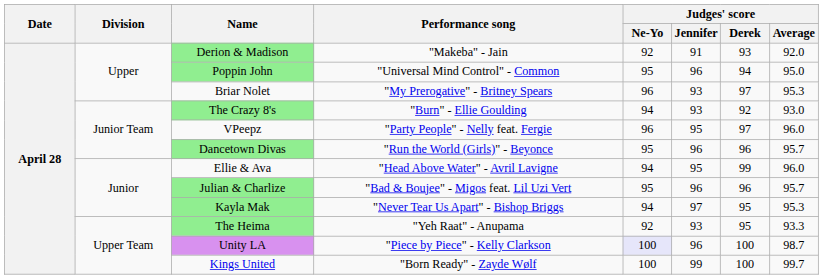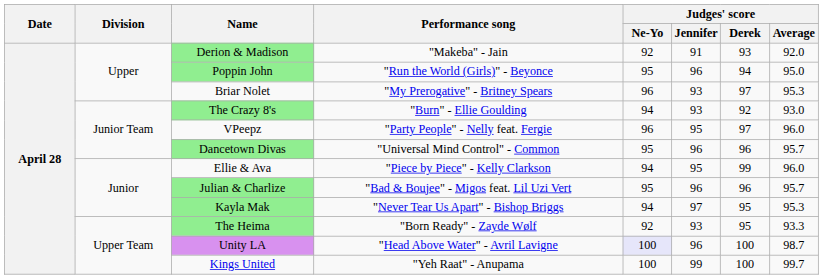 <table class="wikitable sortable" style="text-align:center;">
 <tr>
 <th scope="col" rowspan="2">Date</th>
 <th scope="col" rowspan="2">Division</th>
 <th scope="col" rowspan="2" class="unsortable">Name</th>
 <th scope="col" rowspan="2" class="unsortable">Performance song</th>
 <th colspan="4" scope="col">Judges' score</th>
 </tr>
 <tr>
 <th style="width:06%;">Ne-Yo</th>
 <th style="width:06%;">Jennifer</th>
 <th style="width:06%;">Derek</th>
 <th style="width:06%;">Average</th>
 </tr>
 <tr>
 <th scope="row" rowspan="15">April 28</th>
 <td rowspan="3">Upper</td>
 <td bgcolor=lightgreen>Derion & Madison</td>
 <td>"Makeba" - Jain</td>
 <td>92</td>
 <td>91</td>
 <td>93</td>
 <td>92.0</td>
 </tr>
 <tr>
 <td bgcolor=lightgreen>Poppin John</td>
-<td>"Universal Mind Control" - <a href='#'>Common</a></td>
+<td>"<a href='#'>Run the World (Girls)</a>" - <a href='#'>Beyonce</a></td>
 <td>95</td>
 <td>96</td>
 <td>94</td>
 <td>95.0</td>
 </tr>
 <tr>
 <td>Briar Nolet</td>
 <td>"<a href='#'>My Prerogative</a>" - <a href='#'>Britney Spears</a></td>
 <td>96</td>
 <td>93</td>
 <td>97</td>
 <td>95.3</td>
 </tr>
 <tr>
 <td rowspan="3">Junior Team</td>
 <td bgcolor=lightgreen>The Crazy 8's</td>
 <td>"<a href='#'>Burn</a>" - <a href='#'>Ellie Goulding</a></td>
 <td>94</td>
 <td>93</td>
 <td>92</td>
 <td>93.0</td>
 </tr>
 <tr>
 <td>VPeepz</td>
 <td>"<a href='#'>Party People</a>" - <a href='#'>Nelly</a> feat. <a href='#'>Fergie</a></td>
 <td>96</td>
 <td>95</td>
 <td>97</td>
 <td>96.0</td>
 </tr>
 <tr>
 <td bgcolor=lightgreen>Dancetown Divas</td>
-<td>"<a href='#'>Run the World (Girls)</a>" - <a href='#'>Beyonce</a></td>
+<td>"Universal Mind Control" - <a href='#'>Common</a></td>
 <td>95</td>
 <td>96</td>
 <td>96</td>
 <td>95.7</td>
 </tr>
 <tr>
 <td rowspan="3">Junior</td>
 <td>Ellie & Ava</td>
-<td>"<a href='#'>Head Above Water</a>" - <a href='#'>Avril Lavigne</a></td>
+<td>"<a href='#'>Piece by Piece</a>" - <a href='#'>Kelly Clarkson</a></td>
 <td>94</td>
 <td>95</td>
 <td>99</td>
 <td>96.0</td>
 </tr>
 <tr>
 <td bgcolor=lightgreen>Julian & Charlize</td>
 <td>"<a href='#'>Bad & Boujee</a>" - <a href='#'>Migos</a> feat. <a href='#'>Lil Uzi Vert</a></td>
 <td>95</td>
 <td>96</td>
 <td>96</td>
 <td>95.7</td>
 </tr>
 <tr>
 <td bgcolor=lightgreen>Kayla Mak</td>
 <td>"<a href='#'>Never Tear Us Apart</a>" - <a href='#'>Bishop Briggs</a></td>
 <td>94</td>
 <td>97</td>
 <td>95</td>
 <td>95.3</td>
 </tr>
 <tr>
 <td rowspan="3">Upper Team</td>
 <td bgcolor=lightgreen>The Heima</td>
-<td>"Yeh Raat" - Anupama</td>
+<td>"Born Ready" - <a href='#'>Zayde Wølf</a></td>
 <td>92</td>
 <td>93</td>
 <td>95</td>
 <td>93.3</td>
 </tr>
 <tr>
 <td bgcolor=#D891EF>Unity LA</td>
-<td>"<a href='#'>Piece by Piece</a>" - <a href='#'>Kelly Clarkson</a></td>
+<td>"<a href='#'>Head Above Water</a>" - <a href='#'>Avril Lavigne</a></td>
 <td style="background: lavender;">100</td>
 <td>96</td>
 <td>100</td>
 <td>98.7</td>
 </tr>
 <tr>
 <td><a href='#'>Kings United</a></td>
-<td>"Born Ready" - <a href='#'>Zayde Wølf</a></td>
+<td>"Yeh Raat" - Anupama</td>
 <td>100</td>
 <td>99</td>
 <td>100</td>
 <td>99.7</td>
 </tr>
 </table>
